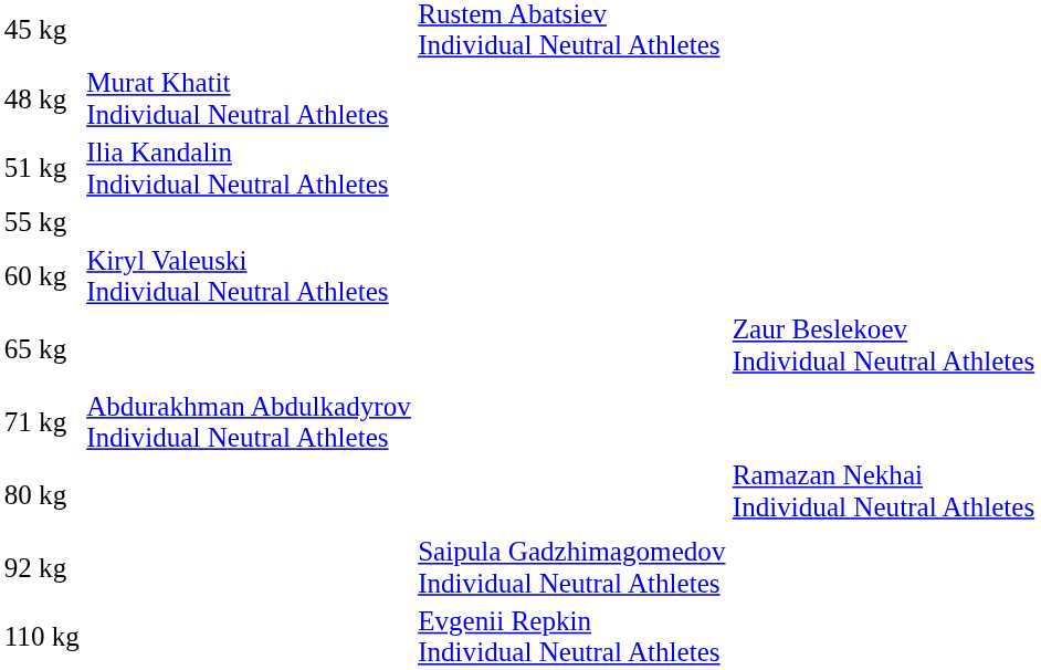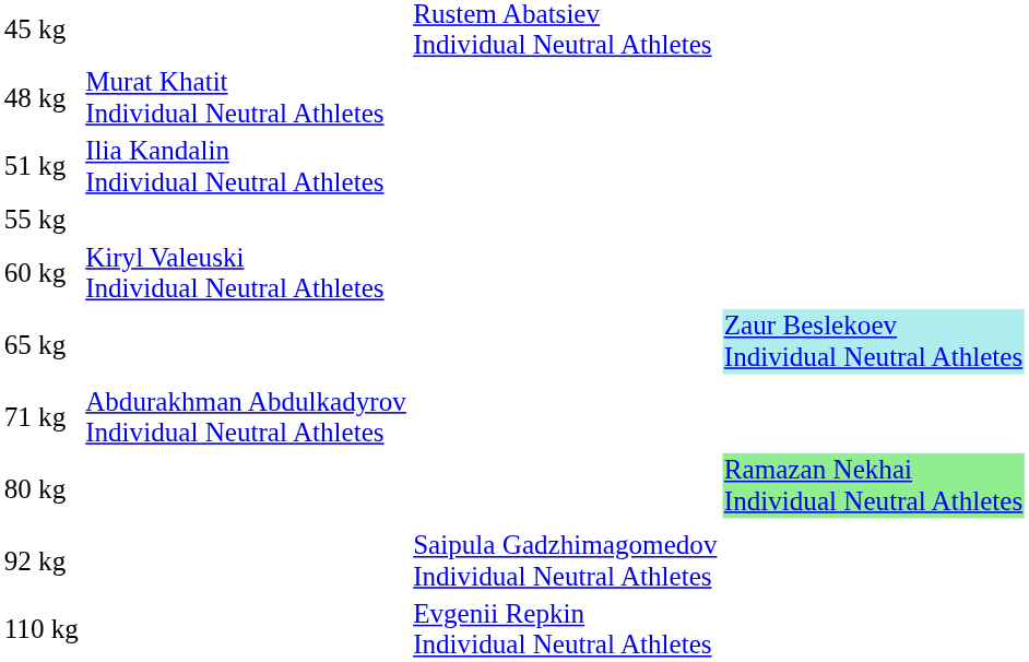 <table>
 <tr>
 <td rowspan=2>45 kg</td>
 <td rowspan=2></td>
 <td rowspan=2><a href='#'>Rustem Abatsiev</a><br> <a href='#'>Individual Neutral Athletes</a></td>
 <td></td>
 </tr>
 <tr>
 <td></td>
 </tr>
 <tr>
 <td rowspan=2>48 kg</td>
 <td rowspan=2><a href='#'>Murat Khatit</a><br> <a href='#'>Individual Neutral Athletes</a></td>
 <td rowspan=2></td>
 <td></td>
 </tr>
 <tr>
 <td></td>
 </tr>
 <tr>
 <td rowspan=2>51 kg</td>
 <td rowspan=2><a href='#'>Ilia Kandalin</a><br> <a href='#'>Individual Neutral Athletes</a></td>
 <td rowspan=2></td>
 <td></td>
 </tr>
 <tr>
 <td></td>
 </tr>
 <tr>
 <td rowspan=2>55 kg</td>
 <td rowspan=2></td>
 <td rowspan=2></td>
 <td></td>
 </tr>
 <tr>
 <td></td>
 </tr>
 <tr>
 <td rowspan=2>60 kg</td>
 <td rowspan=2><a href='#'>Kiryl Valeuski</a><br> <a href='#'>Individual Neutral Athletes</a></td>
 <td rowspan=2></td>
 <td></td>
 </tr>
 <tr>
 <td></td>
 </tr>
 <tr>
 <td rowspan=2>65 kg</td>
 <td rowspan=2></td>
 <td rowspan=2></td>
-<td><a href='#'>Zaur Beslekoev</a><br> <a href='#'>Individual Neutral Athletes</a></td>
+<td style="background: paleturquoise;"><a href='#'>Zaur Beslekoev</a><br> <a href='#'>Individual Neutral Athletes</a></td>
 </tr>
 <tr>
 <td></td>
 </tr>
 <tr>
 <td rowspan=2>71 kg</td>
 <td rowspan=2><a href='#'>Abdurakhman Abdulkadyrov</a><br> <a href='#'>Individual Neutral Athletes</a></td>
 <td rowspan=2></td>
 <td></td>
 </tr>
 <tr>
 <td></td>
 </tr>
 <tr>
 <td rowspan=2>80 kg</td>
 <td rowspan=2></td>
 <td rowspan=2></td>
-<td><a href='#'>Ramazan Nekhai</a><br> <a href='#'>Individual Neutral Athletes</a></td>
+<td style="background: lightgreen;"><a href='#'>Ramazan Nekhai</a><br> <a href='#'>Individual Neutral Athletes</a></td>
 </tr>
 <tr>
 <td></td>
 </tr>
 <tr>
 <td rowspan=2>92 kg</td>
 <td rowspan=2></td>
 <td rowspan=2><a href='#'>Saipula Gadzhimagomedov</a><br> <a href='#'>Individual Neutral Athletes</a></td>
 <td></td>
 </tr>
 <tr>
 <td></td>
 </tr>
 <tr>
 <td rowspan=2>110 kg</td>
 <td rowspan=2></td>
 <td rowspan=2><a href='#'>Evgenii Repkin</a><br> <a href='#'>Individual Neutral Athletes</a></td>
 <td></td>
 </tr>
 <tr>
 <td></td>
 </tr>
 </table>
